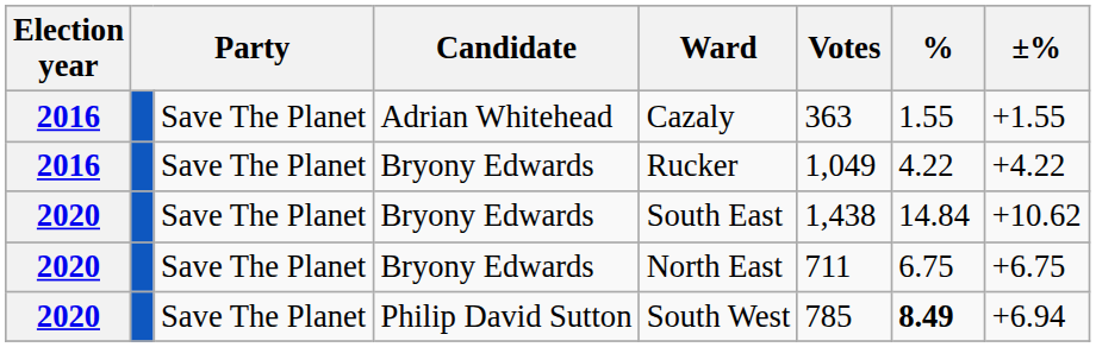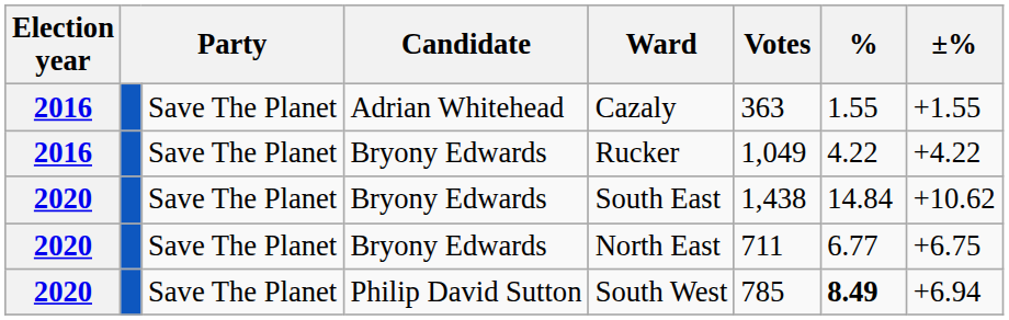 <table class=wikitable>
 <tr>
 <th style="width:10px">Election year</th>
 <th style="width:1px" colspan=3>Party</th>
 <th style="width:300x;">Candidate</th>
 <th style="width:300x;">Ward</th>
 <th style="width:40px;">Votes</th>
 <th style="width:40px;">%</th>
 <th style="width:40px;">±%</th>
 </tr>
 <tr>
 <th><a href='#'>2016</a></th>
 <td bgcolor="#0E57BF"> </td>
 <td style="text-align:left;" colspan="2">Save The Planet</td>
 <td>Adrian Whitehead</td>
 <td>Cazaly</td>
 <td>363</td>
 <td>1.55</td>
 <td>+1.55</td>
 </tr>
 <tr>
 <th><a href='#'>2016</a></th>
 <td bgcolor="#0E57BF"> </td>
 <td style="text-align:left;" colspan="2">Save The Planet</td>
 <td>Bryony Edwards</td>
 <td>Rucker</td>
 <td>1,049</td>
 <td>4.22</td>
 <td>+4.22</td>
 </tr>
 <tr>
 <th><a href='#'>2020</a></th>
 <td bgcolor="#0E57BF"> </td>
 <td style="text-align:left;" colspan="2">Save The Planet</td>
 <td>Bryony Edwards</td>
 <td>South East</td>
 <td>1,438</td>
 <td>14.84</td>
 <td>+10.62</td>
 </tr>
 <tr>
 <th><a href='#'>2020</a></th>
 <td bgcolor="#0E57BF"> </td>
 <td style="text-align:left;" colspan="2">Save The Planet</td>
 <td>Bryony Edwards</td>
 <td>North East</td>
 <td>711</td>
-<td>6.75</td>
+<td>6.77</td>
 <td>+6.75</td>
 </tr>
 <tr>
 <th><a href='#'>2020</a></th>
 <td bgcolor="#0E57BF"> </td>
 <td style="text-align:left;" colspan="2">Save The Planet</td>
 <td>Philip David Sutton</td>
 <td>South West</td>
 <td>785</td>
 <td><strong>8.49</strong></td>
 <td>+6.94</td>
 </tr>
 </table>
